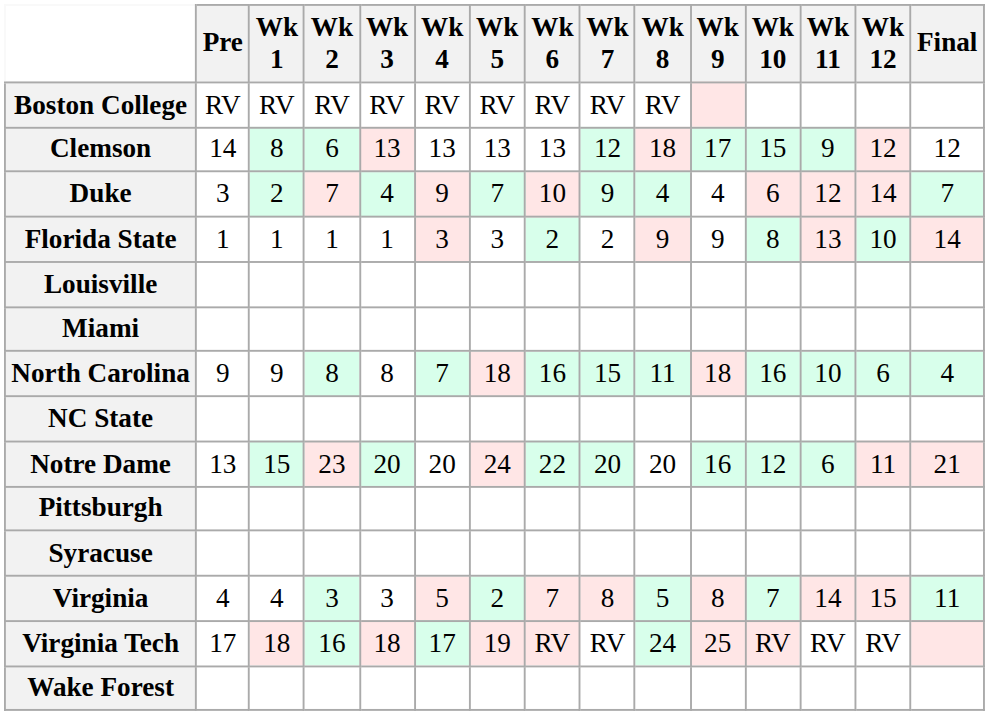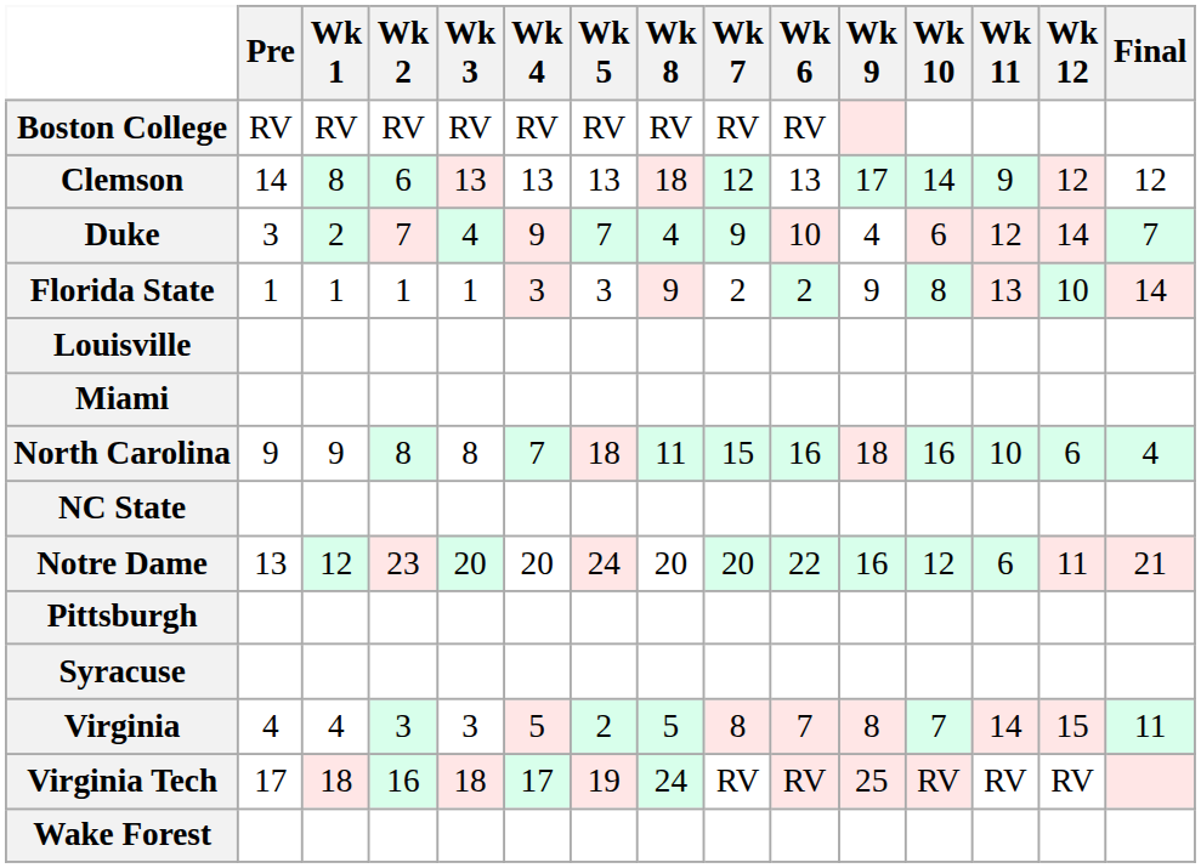 <table class="wikitable" style="white-space:nowrap;font-size:90%;">
 <tr>
 <th colspan=1 style="background:white; border-top-style:hidden; border-left-style:hidden;"> </th>
 <th>Pre</th>
 <th>Wk<br>1</th>
 <th>Wk<br>2</th>
 <th>Wk<br>3</th>
 <th>Wk<br>4</th>
 <th>Wk<br>5</th>
+<th>Wk<br>8</th>
+<th>Wk<br>7</th>
 <th>Wk<br>6</th>
-<th>Wk<br>7</th>
-<th>Wk<br>8</th>
 <th>Wk<br>9</th>
 <th>Wk<br>10</th>
 <th>Wk<br>11</th>
 <th>Wk<br>12</th>
 <th>Final</th>
 </tr>
 <tr style="text-align:center;">
 <th>Boston College</th>
 <td style="background:#FFF;"> RV</td>
 <td style="background:#FFF;"> RV</td>
 <td style="background:#FFF;"> RV</td>
 <td style="background:#FFF;"> RV</td>
 <td style="background:#FFF;"> RV</td>
 <td style="background:#FFF;"> RV</td>
 <td style="background:#FFF;"> RV</td>
 <td style="background:#FFF;"> RV</td>
 <td style="background:#FFF;"> RV</td>
 <td style="background:#FFE6E6;"></td>
 <td style="background:#FFF;"></td>
 <td style="background:#FFF;"></td>
 <td style="background:#FFF;"></td>
 <td style="background:#FFF;"></td>
 </tr>
 <tr style="text-align:center;">
 <th>Clemson</th>
 <td style="background:#FFFFFF;">14</td>
 <td style="background:#D8FFEB;">8</td>
 <td style="background:#D8FFEB;">6</td>
 <td style="background:#FFE6E6;">13</td>
 <td style="background:#FFFFFF;">13</td>
 <td style="background:#FFFFFF;">13</td>
+<td style="background:#FFE6E6;">18</td>
+<td style="background:#D8FFEB;">12</td>
 <td style="background:#FFFFFF;">13</td>
-<td style="background:#D8FFEB;">12</td>
-<td style="background:#FFE6E6;">18</td>
 <td style="background:#D8FFEB;">17</td>
-<td style="background:#D8FFEB;">15</td>
+<td style="background:#D8FFEB;">14</td>
 <td style="background:#D8FFEB;">9</td>
 <td style="background:#FFE6E6;">12</td>
 <td style="background:#FFFFFF;">12</td>
 </tr>
 <tr style="text-align:center;">
 <th>Duke</th>
 <td style="background:#FFF;"> 3</td>
 <td style="background:#D8FFEB;"> 2</td>
 <td style="background:#FFE6E6;"> 7</td>
 <td style="background:#D8FFEB;"> 4</td>
 <td style="background:#FFE6E6;"> 9</td>
 <td style="background:#D8FFEB;"> 7</td>
+<td style="background:#D8FFEB;"> 4</td>
+<td style="background:#D8FFEB;"> 9</td>
 <td style="background:#FFE6E6;"> 10</td>
-<td style="background:#D8FFEB;"> 9</td>
-<td style="background:#D8FFEB;"> 4</td>
 <td style="background:#FFF;"> 4</td>
 <td style="background:#FFE6E6;"> 6</td>
 <td style="background:#FFE6E6;"> 12</td>
 <td style="background:#FFE6E6;"> 14</td>
 <td style="background:#D8FFEB;"> 7</td>
 </tr>
 <tr style="text-align:center;">
 <th>Florida State</th>
 <td style="background:#FFF;"> 1</td>
 <td style="background:#FFF;"> 1</td>
 <td style="background:#FFF;"> 1</td>
 <td style="background:#FFF;"> 1</td>
 <td style="background:#FFE6E6;"> 3</td>
 <td style="background:#FFF;"> 3</td>
+<td style="background:#FFE6E6;"> 9</td>
+<td style="background:#FFF;"> 2</td>
 <td style="background:#D8FFEB;"> 2</td>
-<td style="background:#FFF;"> 2</td>
-<td style="background:#FFE6E6;"> 9</td>
 <td style="background:#FFF;"> 9</td>
 <td style="background:#D8FFEB;"> 8</td>
 <td style="background:#FFE6E6;"> 13</td>
 <td style="background:#D8FFEB;"> 10</td>
 <td style="background:#FFE6E6;"> 14</td>
 </tr>
 <tr style="text-align:center;">
 <th>Louisville</th>
 <td style="background:#FFF;"></td>
 <td style="background:#FFF;"></td>
 <td style="background:#FFF;"></td>
 <td style="background:#FFF;"></td>
 <td style="background:#FFF;"></td>
 <td style="background:#FFF;"></td>
 <td style="background:#FFF;"></td>
 <td style="background:#FFF;"></td>
 <td style="background:#FFF;"></td>
 <td style="background:#FFF;"></td>
 <td style="background:#FFF;"></td>
 <td style="background:#FFF;"></td>
 <td style="background:#FFF;"></td>
 <td style="background:#FFF;"></td>
 </tr>
 <tr style="text-align:center;">
 <th>Miami</th>
 <td style="background:#FFF;"></td>
 <td style="background:#FFF;"></td>
 <td style="background:#FFF;"></td>
 <td style="background:#FFF;"></td>
 <td style="background:#FFF;"></td>
 <td style="background:#FFF;"></td>
 <td style="background:#FFF;"></td>
 <td style="background:#FFF;"></td>
 <td style="background:#FFF;"></td>
 <td style="background:#FFF;"></td>
 <td style="background:#FFF;"></td>
 <td style="background:#FFF;"></td>
 <td style="background:#FFF;"></td>
 <td style="background:#FFF;"></td>
 </tr>
 <tr style="text-align:center;">
 <th>North Carolina</th>
 <td style="background:#FFF;"> 9</td>
 <td style="background:#FFF;"> 9</td>
 <td style="background:#D8FFEB;"> 8</td>
 <td style="background:#FFF;"> 8</td>
 <td style="background:#D8FFEB;"> 7</td>
 <td style="background:#FFE6E6;"> 18</td>
+<td style="background:#D8FFEB;"> 11</td>
+<td style="background:#D8FFEB;"> 15</td>
 <td style="background:#D8FFEB;"> 16</td>
-<td style="background:#D8FFEB;"> 15</td>
-<td style="background:#D8FFEB;"> 11</td>
 <td style="background:#FFE6E6;"> 18</td>
 <td style="background:#D8FFEB;"> 16</td>
 <td style="background:#D8FFEB;"> 10</td>
 <td style="background:#D8FFEB;"> 6</td>
 <td style="background:#D8FFEB;"> 4</td>
 </tr>
 <tr style="text-align:center;">
 <th>NC State</th>
 <td style="background:#FFF;"></td>
 <td style="background:#FFF;"></td>
 <td style="background:#FFF;"></td>
 <td style="background:#FFF;"></td>
 <td style="background:#FFF;"></td>
 <td style="background:#FFF;"></td>
 <td style="background:#FFF;"></td>
 <td style="background:#FFF;"></td>
 <td style="background:#FFF;"></td>
 <td style="background:#FFF;"></td>
 <td style="background:#FFF;"></td>
 <td style="background:#FFF;"></td>
 <td style="background:#FFF;"></td>
 <td style="background:#FFF;"></td>
 </tr>
 <tr style="text-align:center;">
 <th>Notre Dame</th>
 <td style="background:#FFF;"> 13</td>
-<td style="background:#D8FFEB;"> 15</td>
+<td style="background:#D8FFEB;"> 12</td>
 <td style="background:#FFE6E6;"> 23</td>
 <td style="background:#D8FFEB;"> 20</td>
 <td style="background:#FFF;"> 20</td>
 <td style="background:#FFE6E6;"> 24</td>
+<td style="background:#FFF;"> 20</td>
+<td style="background:#D8FFEB;"> 20</td>
 <td style="background:#D8FFEB;"> 22</td>
-<td style="background:#D8FFEB;"> 20</td>
-<td style="background:#FFF;"> 20</td>
 <td style="background:#D8FFEB;"> 16</td>
 <td style="background:#D8FFEB;"> 12</td>
 <td style="background:#D8FFEB;"> 6</td>
 <td style="background:#FFE6E6;"> 11</td>
 <td style="background:#FFE6E6;"> 21</td>
 </tr>
 <tr style="text-align:center;">
 <th>Pittsburgh</th>
 <td style="background:#FFF;"></td>
 <td style="background:#FFF;"></td>
 <td style="background:#FFF;"></td>
 <td style="background:#FFF;"></td>
 <td style="background:#FFF;"></td>
 <td style="background:#FFF;"></td>
 <td style="background:#FFF;"></td>
 <td style="background:#FFF;"></td>
 <td style="background:#FFF;"></td>
 <td style="background:#FFF;"></td>
 <td style="background:#FFF;"></td>
 <td style="background:#FFF;"></td>
 <td style="background:#FFF;"></td>
 <td style="background:#FFF;"></td>
 </tr>
 <tr style="text-align:center;">
 <th>Syracuse</th>
 <td style="background:#FFF;"></td>
 <td style="background:#FFF;"></td>
 <td style="background:#FFF;"></td>
 <td style="background:#FFF;"></td>
 <td style="background:#FFF;"></td>
 <td style="background:#FFF;"></td>
 <td style="background:#FFF;"></td>
 <td style="background:#FFF;"></td>
 <td style="background:#FFF;"></td>
 <td style="background:#FFF;"></td>
 <td style="background:#FFF;"></td>
 <td style="background:#FFF;"></td>
 <td style="background:#FFF;"></td>
 <td style="background:#FFF;"></td>
 </tr>
 <tr style="text-align:center;">
 <th>Virginia</th>
 <td style="background:#FFF;"> 4</td>
 <td style="background:#FFF;"> 4</td>
 <td style="background:#D8FFEB;"> 3</td>
 <td style="background:#FFF;"> 3</td>
 <td style="background:#FFE6E6;"> 5</td>
 <td style="background:#D8FFEB;"> 2</td>
+<td style="background:#D8FFEB;"> 5</td>
+<td style="background:#FFE6E6;"> 8</td>
 <td style="background:#FFE6E6;"> 7</td>
-<td style="background:#FFE6E6;"> 8</td>
-<td style="background:#D8FFEB;"> 5</td>
 <td style="background:#FFE6E6;"> 8</td>
 <td style="background:#D8FFEB;"> 7</td>
 <td style="background:#FFE6E6;"> 14</td>
 <td style="background:#FFE6E6;"> 15</td>
 <td style="background:#D8FFEB;"> 11</td>
 </tr>
 <tr style="text-align:center;">
 <th>Virginia Tech</th>
 <td style="background:#FFF;"> 17</td>
 <td style="background:#FFE6E6;"> 18</td>
 <td style="background:#D8FFEB;"> 16</td>
 <td style="background:#FFE6E6;"> 18</td>
 <td style="background:#D8FFEB;"> 17</td>
 <td style="background:#FFE6E6;"> 19</td>
+<td style="background:#D8FFEB;"> 24</td>
+<td style="background:#FFF;"> RV</td>
 <td style="background:#FFE6E6;"> RV</td>
-<td style="background:#FFF;"> RV</td>
-<td style="background:#D8FFEB;"> 24</td>
 <td style="background:#FFE6E6;"> 25</td>
 <td style="background:#FFE6E6;"> RV</td>
 <td style="background:#FFF;"> RV</td>
 <td style="background:#FFF;"> RV</td>
 <td style="background:#FFE6E6;"></td>
 </tr>
 <tr style="text-align:center;">
 <th>Wake Forest</th>
 <td style="background:#FFF;"></td>
 <td style="background:#FFF;"></td>
 <td style="background:#FFF;"></td>
 <td style="background:#FFF;"></td>
 <td style="background:#FFF;"></td>
 <td style="background:#FFF;"></td>
 <td style="background:#FFF;"></td>
 <td style="background:#FFF;"></td>
 <td style="background:#FFF;"></td>
 <td style="background:#FFF;"></td>
 <td style="background:#FFF;"></td>
 <td style="background:#FFF;"></td>
 <td style="background:#FFF;"></td>
 <td style="background:#FFF;"></td>
 </tr>
 </table>
